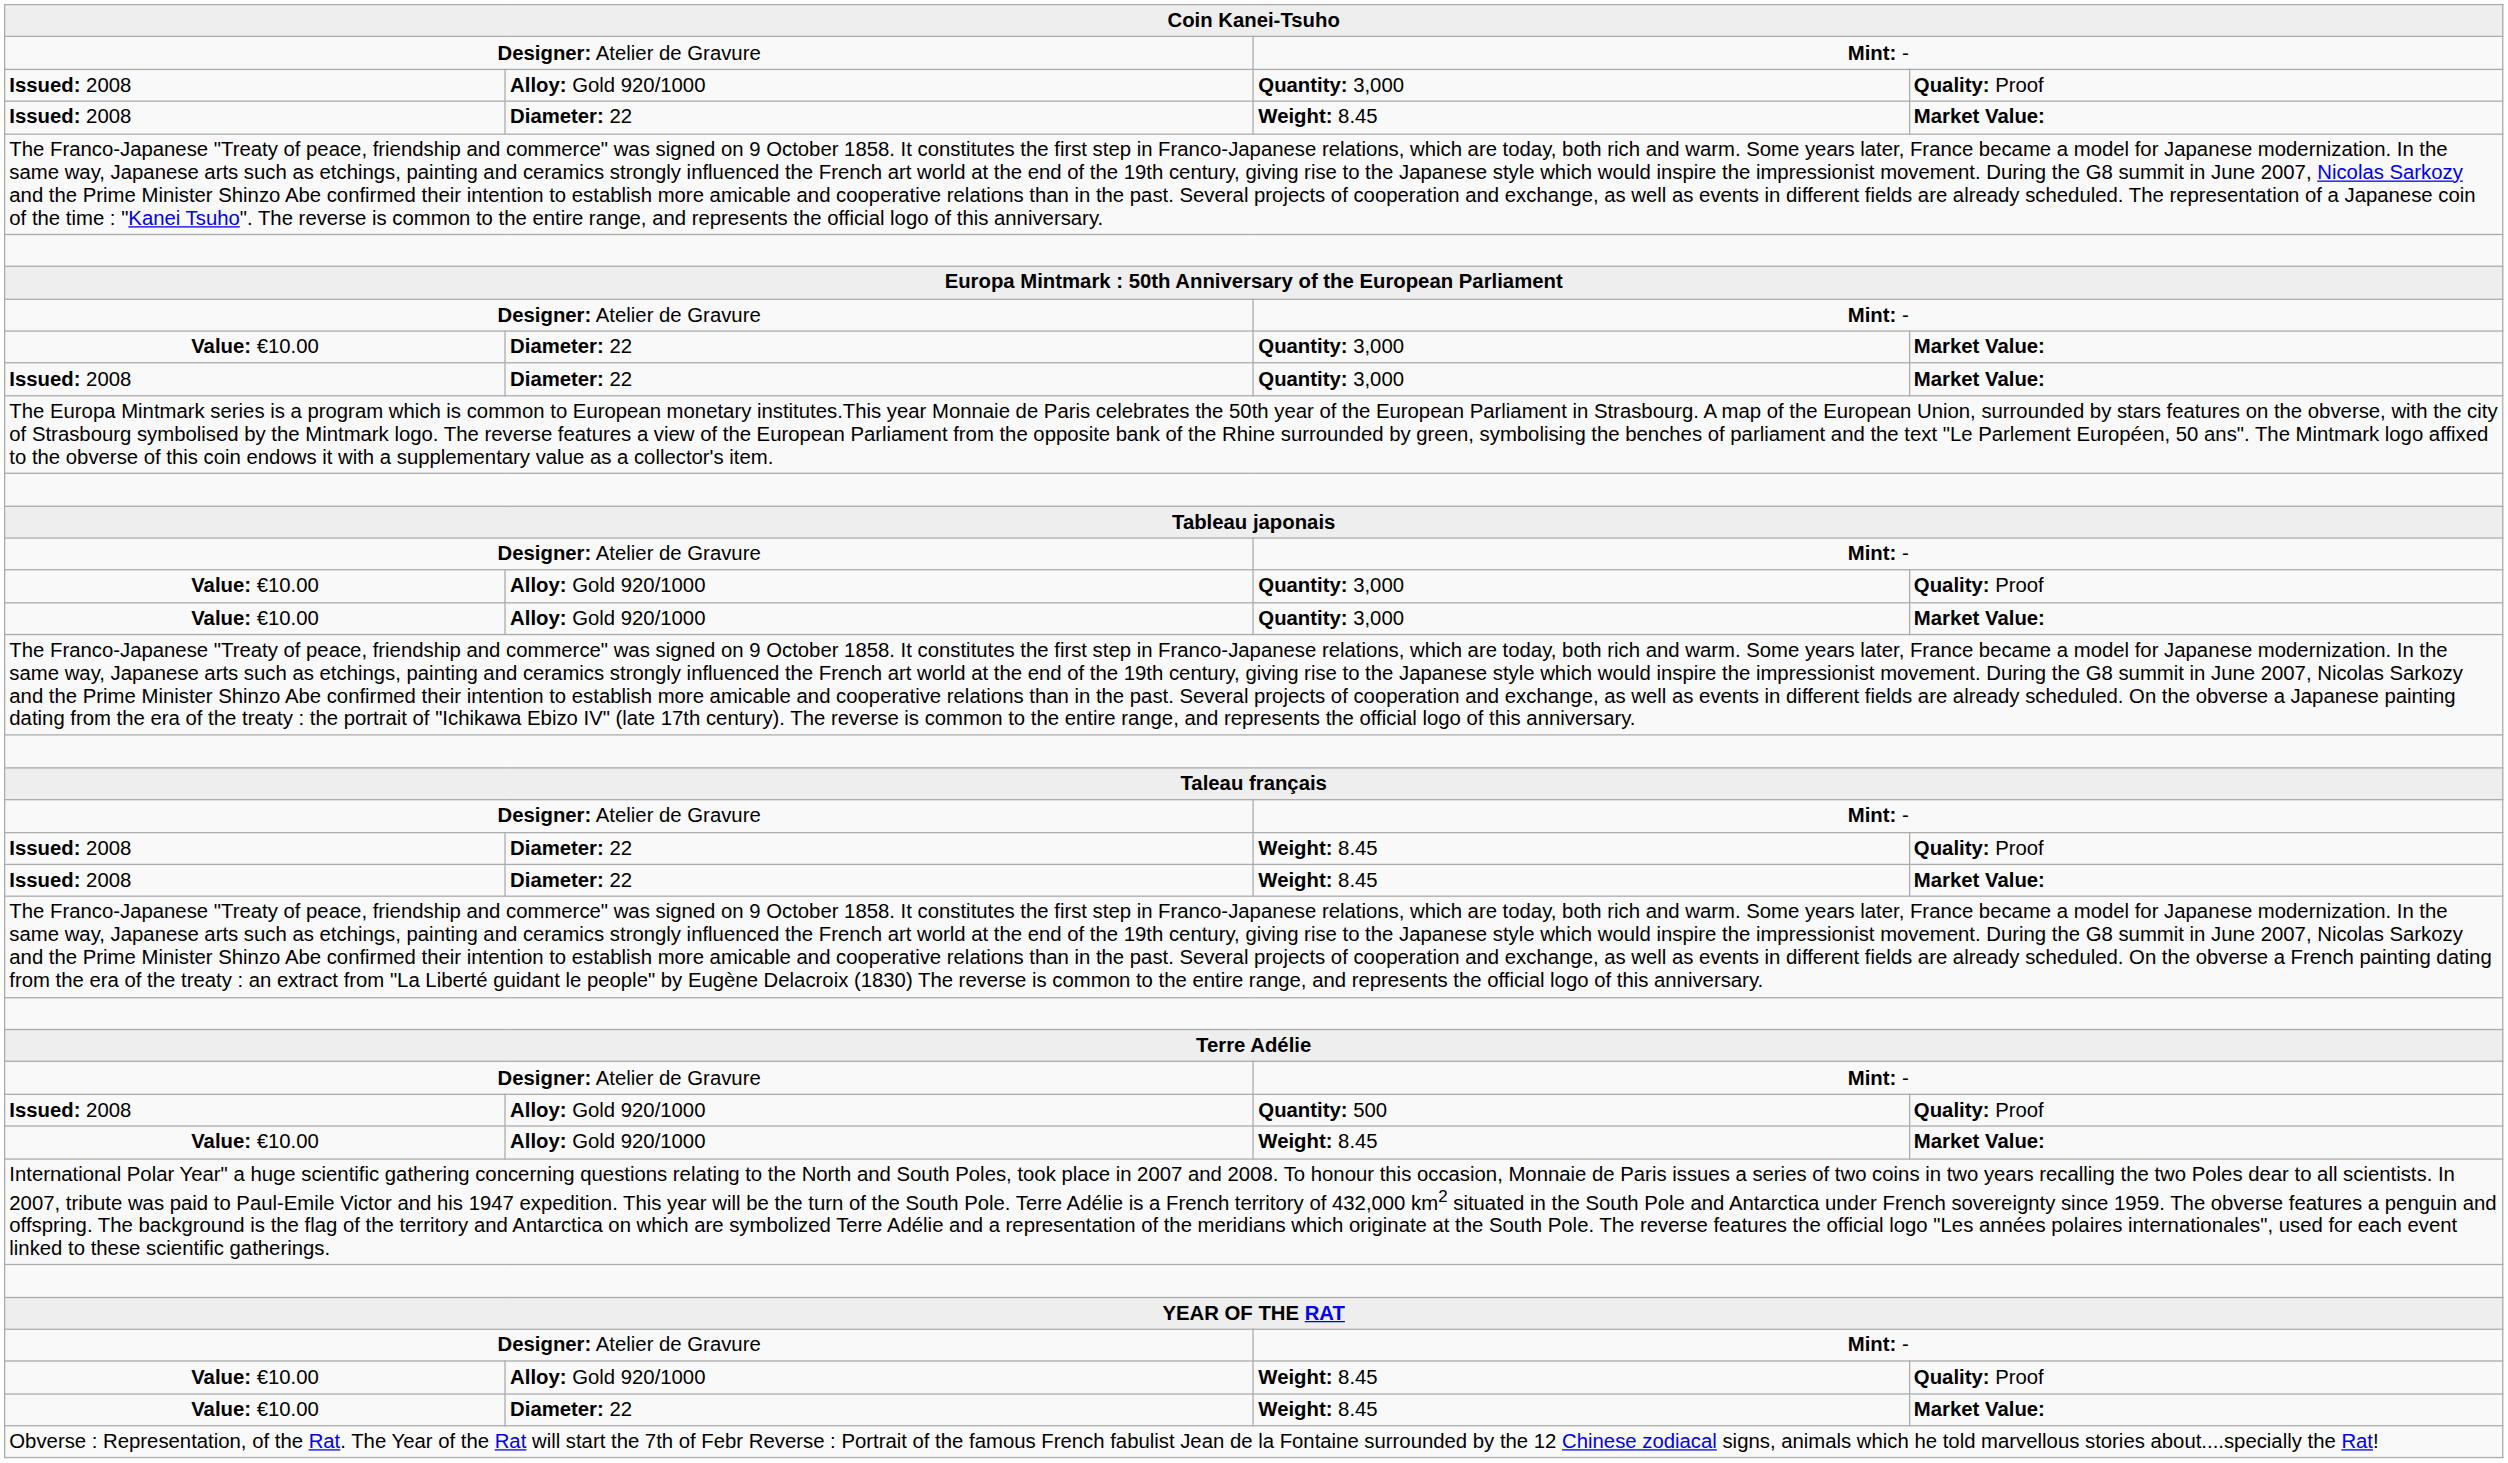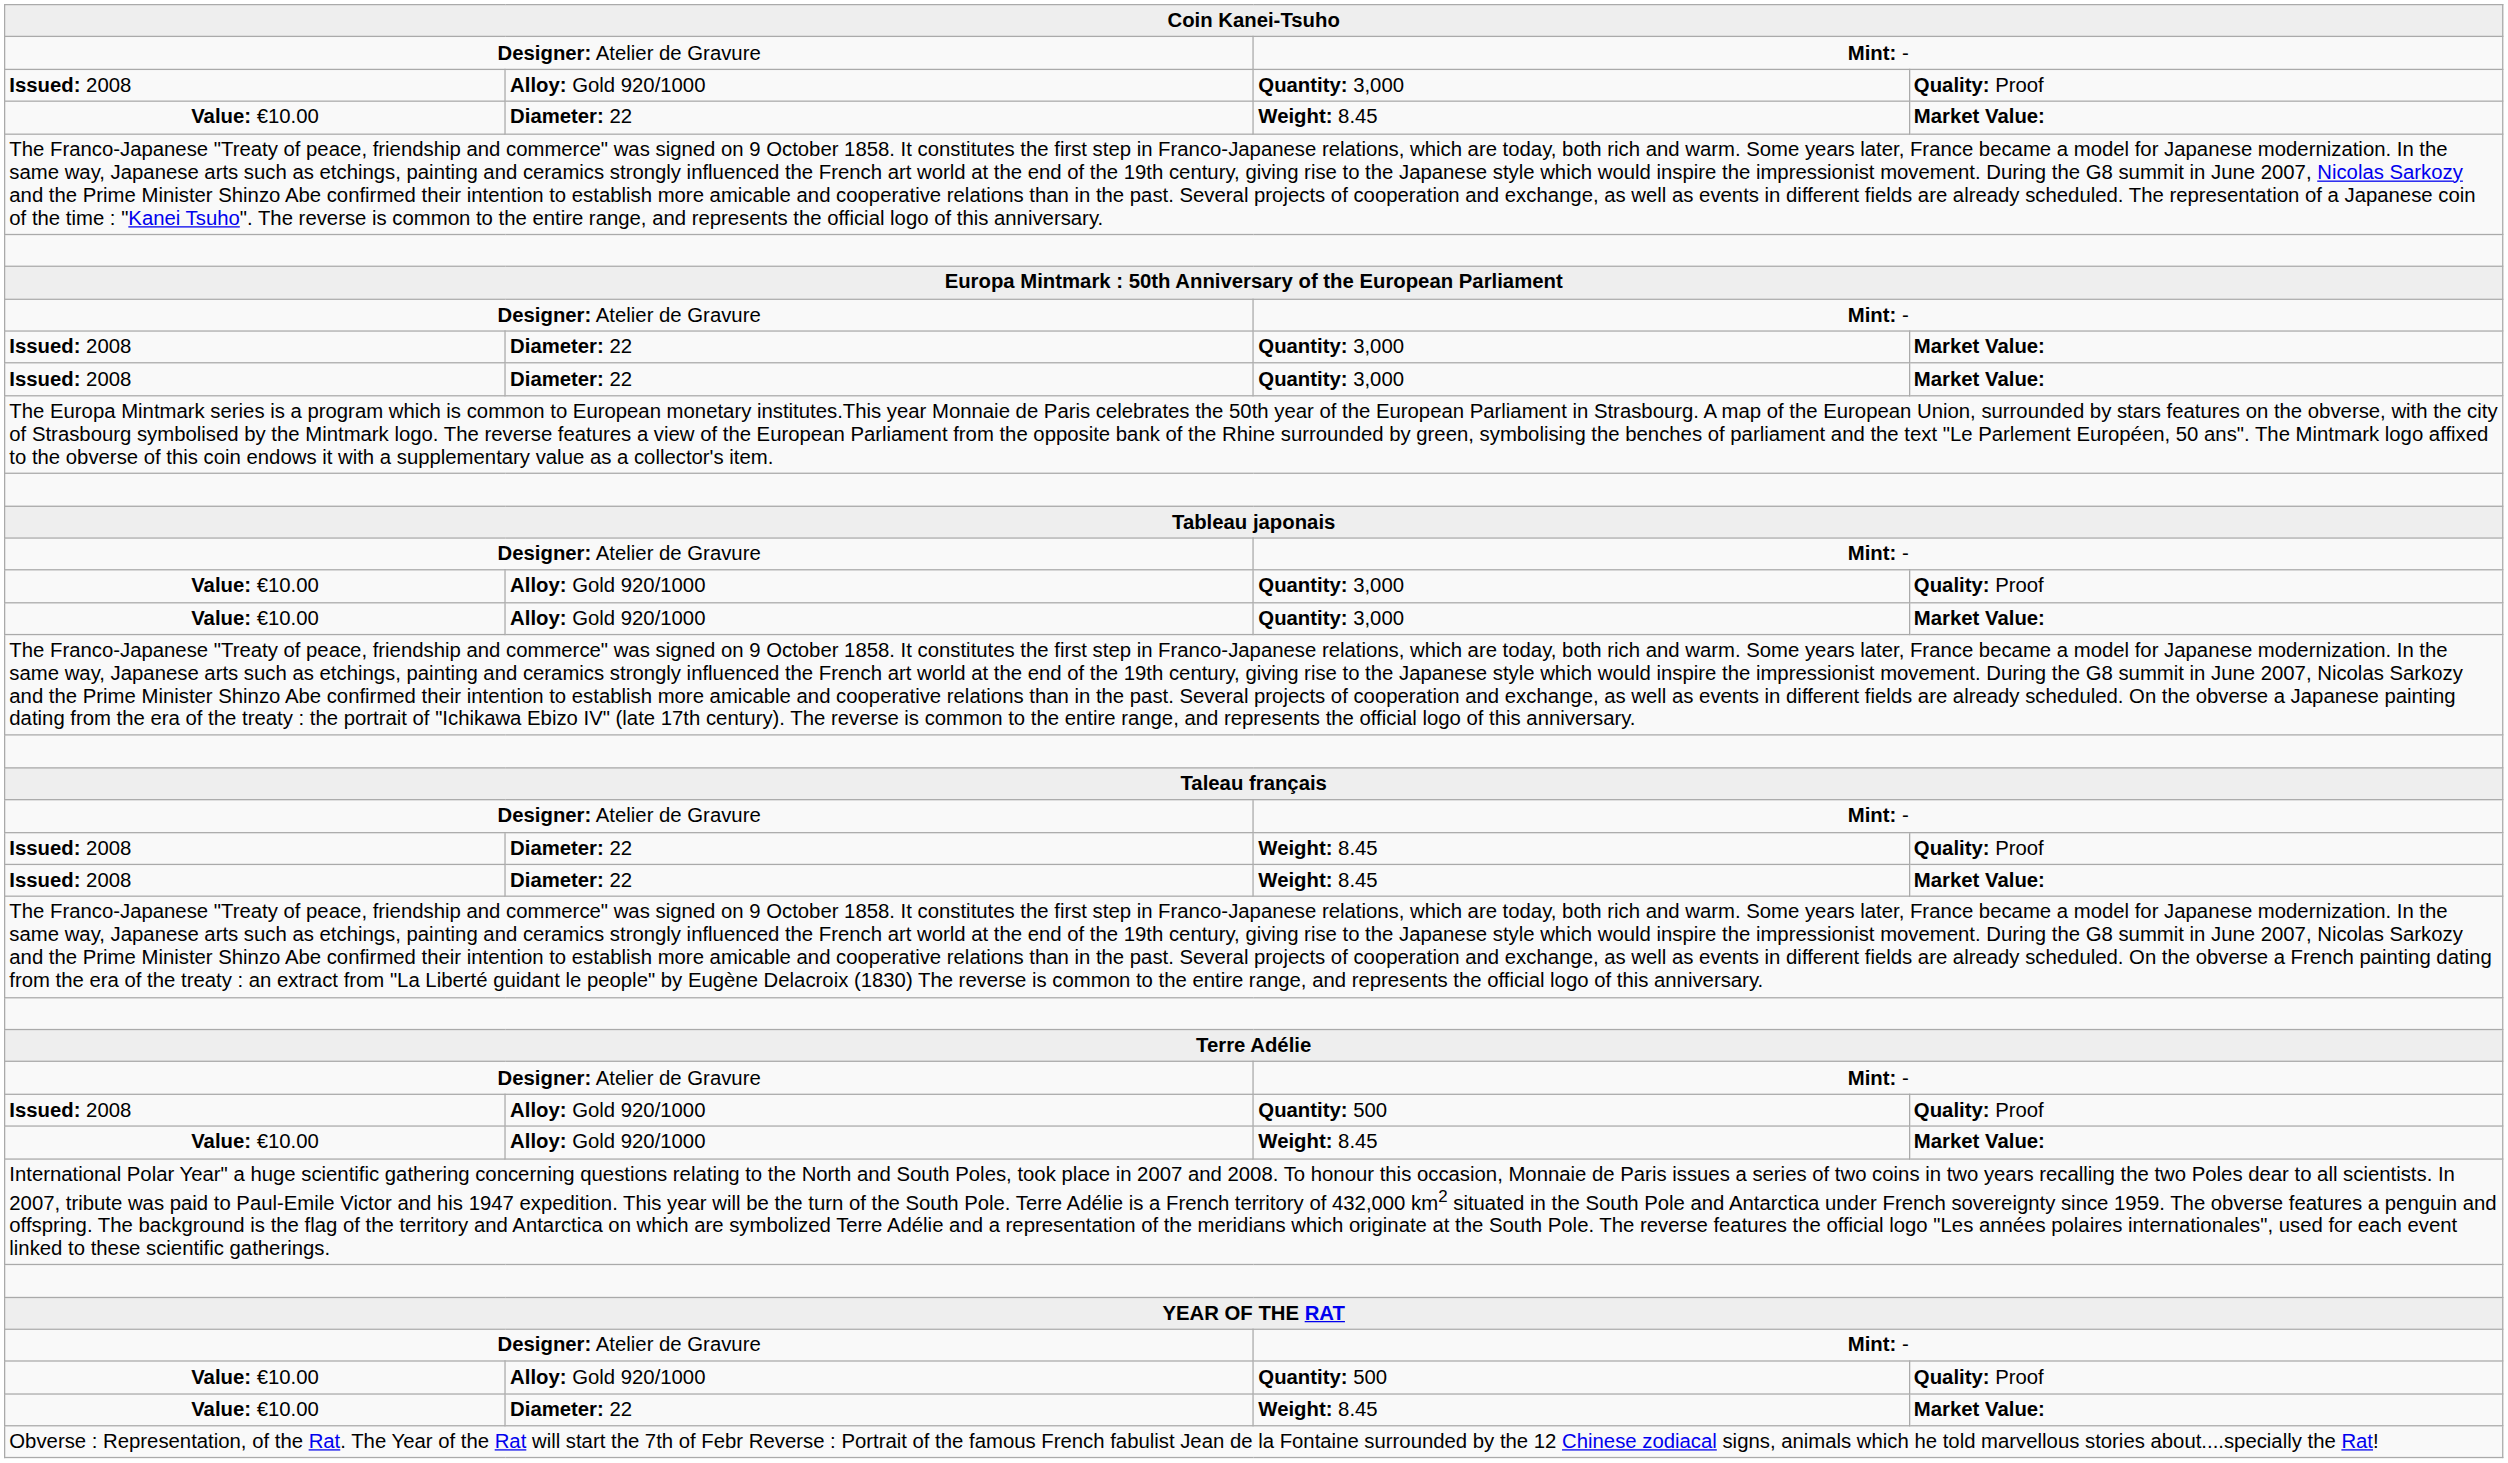 <table class="wikitable">
 <tr>
 <th colspan="4"  style="text-align:center; background:#eee;">Coin Kanei-Tsuho</th>
 </tr>
 <tr style="text-align:center;">
 <td colspan="2"  style="width:50%; "><strong>Designer:</strong> Atelier de Gravure</td>
 <td colspan="2"  style="width:50%; "><strong>Mint:</strong> -</td>
 </tr>
 <tr>
 <td><strong>Issued:</strong> 2008</td>
 <td><strong>Alloy:</strong> Gold 920/1000</td>
 <td><strong>Quantity:</strong> 3,000</td>
 <td><strong>Quality:</strong> Proof</td>
 </tr>
 <tr>
-<td><strong>Issued:</strong> 2008</td>
+<td align=center><strong>Value:</strong> €10.00</td>
 <td><strong>Diameter:</strong> 22</td>
 <td><strong>Weight:</strong> 8.45</td>
 <td><strong>Market Value:</strong></td>
 </tr>
 <tr>
 <td colspan="4" style="text-align:left;">The Franco-Japanese "Treaty of peace, friendship and commerce" was signed on 9 October 1858. It constitutes the first step in Franco-Japanese relations, which are today, both rich and warm. Some years later, France became a model for Japanese modernization. In the same way, Japanese arts such as etchings, painting and ceramics strongly influenced the French art world at the end of the 19th century, giving rise to the Japanese style which would inspire the impressionist movement. During the G8 summit in June 2007, <a href='#'>Nicolas Sarkozy</a> and the Prime Minister Shinzo Abe confirmed their intention to establish more amicable and cooperative relations than in the past. Several projects of cooperation and exchange, as well as events in different fields are already scheduled. The representation of a Japanese coin of the time : "<a href='#'>Kanei Tsuho</a>". The reverse is common to the entire range, and represents the official logo of this anniversary.</td>
 </tr>
 <tr>
 <td colspan="4"> </td>
 </tr>
 <tr>
 <th colspan="4"  style="text-align:center; background:#eee;">Europa Mintmark : 50th Anniversary of the European Parliament</th>
 </tr>
 <tr style="text-align:center;">
 <td colspan="2"  style="width:50%; "><strong>Designer:</strong> Atelier de Gravure</td>
 <td colspan="2"  style="width:50%; "><strong>Mint:</strong> -</td>
 </tr>
 <tr>
-<td align=center><strong>Value:</strong> €10.00</td>
+<td><strong>Issued:</strong> 2008</td>
 <td><strong>Diameter:</strong> 22</td>
 <td><strong>Quantity:</strong> 3,000</td>
 <td><strong>Market Value:</strong></td>
 </tr>
 <tr>
 <td><strong>Issued:</strong> 2008</td>
 <td><strong>Diameter:</strong> 22</td>
 <td><strong>Quantity:</strong> 3,000</td>
 <td><strong>Market Value:</strong></td>
 </tr>
 <tr>
 <td colspan="4" style="text-align:left;">The Europa Mintmark series is a program which is common to European monetary institutes.This year Monnaie de Paris celebrates the 50th year of the European Parliament in Strasbourg. A map of the European Union, surrounded by stars features on the obverse, with the city of Strasbourg symbolised by the Mintmark logo. The reverse features a view of the European Parliament from the opposite bank of the Rhine surrounded by green, symbolising the benches of parliament and the text "Le Parlement Européen, 50 ans". The Mintmark logo affixed to the obverse of this coin endows it with a supplementary value as a collector's item.</td>
 </tr>
 <tr>
 <td colspan="4"> </td>
 </tr>
 <tr>
 <th colspan="4"  style="text-align:center; background:#eee;">Tableau japonais</th>
 </tr>
 <tr style="text-align:center;">
 <td colspan="2"  style="width:50%; "><strong>Designer:</strong> Atelier de Gravure</td>
 <td colspan="2"  style="width:50%; "><strong>Mint:</strong> -</td>
 </tr>
 <tr>
 <td align=center><strong>Value:</strong> €10.00</td>
 <td><strong>Alloy:</strong> Gold 920/1000</td>
 <td><strong>Quantity:</strong> 3,000</td>
 <td><strong>Quality:</strong> Proof</td>
 </tr>
 <tr>
 <td align=center><strong>Value:</strong> €10.00</td>
 <td><strong>Alloy:</strong> Gold 920/1000</td>
 <td><strong>Quantity:</strong> 3,000</td>
 <td><strong>Market Value:</strong></td>
 </tr>
 <tr>
 <td colspan="4" style="text-align:left;">The Franco-Japanese "Treaty of peace, friendship and commerce" was signed on 9 October 1858. It constitutes the first step in Franco-Japanese relations, which are today, both rich and warm. Some years later, France became a model for Japanese modernization. In the same way, Japanese arts such as etchings, painting and ceramics strongly influenced the French art world at the end of the 19th century, giving rise to the Japanese style which would inspire the impressionist movement. During the G8 summit in June 2007, Nicolas Sarkozy and the Prime Minister Shinzo Abe confirmed their intention to establish more amicable and cooperative relations than in the past. Several projects of cooperation and exchange, as well as events in different fields are already scheduled. On the obverse a Japanese painting dating from the era of the treaty : the portrait of "Ichikawa Ebizo IV" (late 17th century). The reverse is common to the entire range, and represents the official logo of this anniversary.</td>
 </tr>
 <tr>
 <td colspan="4"> </td>
 </tr>
 <tr>
 <th colspan="4"  style="text-align:center; background:#eee;">Taleau français</th>
 </tr>
 <tr style="text-align:center;">
 <td colspan="2"  style="width:50%; "><strong>Designer:</strong> Atelier de Gravure</td>
 <td colspan="2"  style="width:50%; "><strong>Mint:</strong> -</td>
 </tr>
 <tr>
 <td><strong>Issued:</strong> 2008</td>
 <td><strong>Diameter:</strong> 22</td>
 <td><strong>Weight:</strong> 8.45</td>
 <td><strong>Quality:</strong> Proof</td>
 </tr>
 <tr>
 <td><strong>Issued:</strong> 2008</td>
 <td><strong>Diameter:</strong> 22</td>
 <td><strong>Weight:</strong> 8.45</td>
 <td><strong>Market Value:</strong></td>
 </tr>
 <tr>
 <td colspan="4" style="text-align:left;">The Franco-Japanese "Treaty of peace, friendship and commerce" was signed on 9 October 1858. It constitutes the first step in Franco-Japanese relations, which are today, both rich and warm. Some years later, France became a model for Japanese modernization. In the same way, Japanese arts such as etchings, painting and ceramics strongly influenced the French art world at the end of the 19th century, giving rise to the Japanese style which would inspire the impressionist movement. During the G8 summit in June 2007, Nicolas Sarkozy and the Prime Minister Shinzo Abe confirmed their intention to establish more amicable and cooperative relations than in the past. Several projects of cooperation and exchange, as well as events in different fields are already scheduled. On the obverse a French painting dating from the era of the treaty : an extract from "La Liberté guidant le people" by Eugène Delacroix (1830) The reverse is common to the entire range, and represents the official logo of this anniversary.</td>
 </tr>
 <tr>
 <td colspan="4"> </td>
 </tr>
 <tr>
 <th colspan="4"  style="text-align:center; background:#eee;">Terre Adélie</th>
 </tr>
 <tr style="text-align:center;">
 <td colspan="2"  style="width:50%; "><strong>Designer:</strong> Atelier de Gravure</td>
 <td colspan="2"  style="width:50%; "><strong>Mint:</strong> -</td>
 </tr>
 <tr>
 <td><strong>Issued:</strong> 2008</td>
 <td><strong>Alloy:</strong> Gold 920/1000</td>
 <td><strong>Quantity:</strong> 500</td>
 <td><strong>Quality:</strong> Proof</td>
 </tr>
 <tr>
 <td align=center><strong>Value:</strong> €10.00</td>
 <td><strong>Alloy:</strong> Gold 920/1000</td>
 <td><strong>Weight:</strong> 8.45</td>
 <td><strong>Market Value:</strong></td>
 </tr>
 <tr>
 <td colspan="4" style="text-align:left;">International Polar Year" a huge scientific gathering concerning questions relating to the North and South Poles, took place in 2007 and 2008. To honour this occasion, Monnaie de Paris issues a series of two coins in two years recalling the two Poles dear to all scientists. In 2007, tribute was paid to Paul-Emile Victor and his 1947 expedition. This year will be the turn of the South Pole. Terre Adélie is a French territory of 432,000 km<sup>2</sup> situated in the South Pole and Antarctica under French sovereignty since 1959. The obverse features a penguin and offspring. The background is the flag of the territory and Antarctica on which are symbolized Terre Adélie and a representation of the meridians which originate at the South Pole. The reverse features the official logo "Les années polaires internationales", used for each event linked to these scientific gatherings.</td>
 </tr>
 <tr>
 <td colspan="4"> </td>
 </tr>
 <tr>
 <th colspan="4"  style="text-align:center; background:#eee;">YEAR OF THE <a href='#'>RAT</a></th>
 </tr>
 <tr style="text-align:center;">
 <td colspan="2"  style="width:50%; "><strong>Designer:</strong> Atelier de Gravure</td>
 <td colspan="2"  style="width:50%; "><strong>Mint:</strong> -</td>
 </tr>
 <tr>
 <td align=center><strong>Value:</strong> €10.00</td>
 <td><strong>Alloy:</strong> Gold 920/1000</td>
-<td><strong>Weight:</strong> 8.45</td>
+<td><strong>Quantity:</strong> 500</td>
 <td><strong>Quality:</strong> Proof</td>
 </tr>
 <tr>
 <td align=center><strong>Value:</strong> €10.00</td>
 <td><strong>Diameter:</strong> 22</td>
 <td><strong>Weight:</strong> 8.45</td>
 <td><strong>Market Value:</strong></td>
 </tr>
 <tr>
 <td colspan="4" style="text-align:left;">Obverse : Representation, of the <a href='#'>Rat</a>. The Year of the <a href='#'>Rat</a> will start the 7th of Febr Reverse : Portrait of the famous French fabulist Jean de la Fontaine surrounded by the 12 <a href='#'>Chinese zodiacal</a> signs, animals which he told marvellous stories about....specially the <a href='#'>Rat</a>!</td>
 </tr>
 </table>
